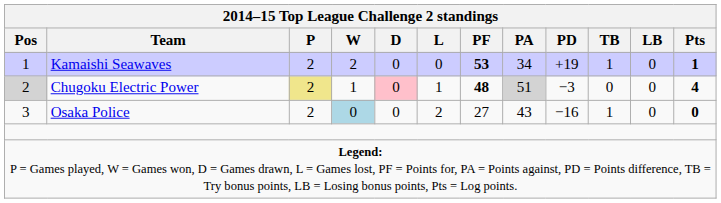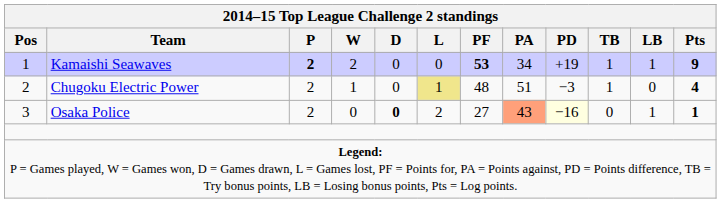 <table class="wikitable" style="text-align:center; font-size:100%; width:60%;">
 <tr>
 <th colspan="100%" cellpadding="0" cellspacing="0"><strong>2014–15 Top League Challenge 2 standings</strong></th>
 </tr>
 <tr>
 <th style="width:6%;">Pos</th>
 <th style="width:34%;">Team</th>
 <th style="width:6%;">P</th>
 <th style="width:6%;">W</th>
 <th style="width:6%;">D</th>
 <th style="width:6%;">L</th>
 <th style="width:6%;">PF</th>
 <th style="width:6%;">PA</th>
 <th style="width:6%;">PD</th>
 <th style="width:6%;">TB</th>
 <th style="width:6%;">LB</th>
 <th style="width:6%;">Pts<br></th>
 </tr>
 <tr style="background:#CCCCFF;">
 <td>1</td>
 <td style="text-align:left;"><a href='#'>Kamaishi Seawaves</a></td>
-<td>2</td>
+<td><strong>2</strong></td>
 <td>2</td>
 <td>0</td>
 <td>0</td>
 <td><strong>53</strong></td>
 <td>34</td>
 <td>+19</td>
 <td>1</td>
-<td>0</td>
-<td><strong>1</strong></td>
+<td>1</td>
+<td><strong>9</strong></td>
 </tr>
 <tr>
-<td style="background: lightgrey;">2</td>
+<td>2</td>
 <td style="text-align:left;"><a href='#'>Chugoku Electric Power</a></td>
-<td style="background: khaki;">2</td>
+<td>2</td>
 <td>1</td>
-<td style="background: pink;">0</td>
+<td>0</td>
+<td style="background: khaki;">1</td>
+<td>48</td>
+<td>51</td>
+<td>−3</td>
 <td>1</td>
-<td><strong>48</strong></td>
-<td style="background: lightgrey;">51</td>
-<td>−3</td>
-<td>0</td>
 <td>0</td>
 <td><strong>4</strong></td>
 </tr>
 <tr>
 <td>3</td>
 <td style="text-align:left;"><a href='#'>Osaka Police</a></td>
 <td>2</td>
-<td style="background: lightblue;">0</td>
 <td>0</td>
+<td><strong>0</strong></td>
 <td>2</td>
 <td>27</td>
-<td>43</td>
-<td>−16</td>
+<td style="background: lightsalmon;">43</td>
+<td style="background: lightyellow;">−16</td>
+<td>0</td>
 <td>1</td>
-<td>0</td>
-<td><strong>0</strong></td>
+<td><strong>1</strong></td>
 </tr>
 <tr>
 <td colspan="100%" style="height:10px;"></td>
 </tr>
 <tr>
 <td colspan="100%"><small><strong>Legend:</strong> <br> P = Games played, W = Games won, D = Games drawn, L = Games lost, PF = Points for, PA = Points against, PD = Points difference, TB = Try bonus points, LB = Losing bonus points, Pts = Log points.</small></td>
 </tr>
 </table>
